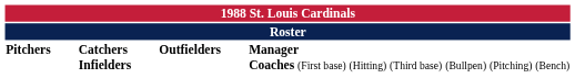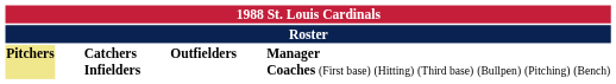 <table class="toccolours" style="font-size: 95%;">
 <tr>
 <th colspan="10" style="background-color: #c41e3a; color: white; text-align: center;">1988 St. Louis Cardinals</th>
 </tr>
 <tr>
 <td colspan="10" style="background-color: #0a2252; color: white; text-align: center;"><strong>Roster</strong></td>
 </tr>
 <tr>
-<td valign="top"><strong>Pitchers</strong><br>                 </td>
+<td valign="top" style="background: khaki;"><strong>Pitchers</strong><br>                 </td>
 <td width="25px"></td>
 <td valign="top"><strong>Catchers</strong><br>   <strong>Infielders</strong>            </td>
 <td width="25px"></td>
 <td valign="top"><strong>Outfielders</strong><br>       </td>
 <td width="25px"></td>
 <td valign="top"><strong>Manager</strong><br> <strong>Coaches</strong>  <small>(First base)</small>  <small>(Hitting)</small>  <small>(Third base)</small>  <small>(Bullpen)</small>  <small>(Pitching)</small>  <small>(Bench)</small></td>
 </tr>
 </table>
